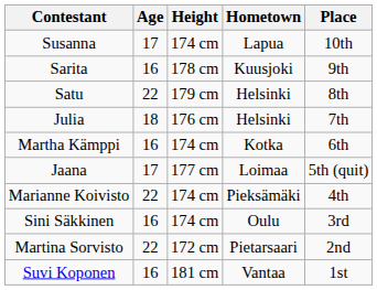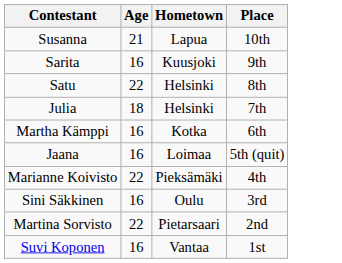 <table class="wikitable" style="text-align:center;">
 <tr>
 <th>Contestant</th>
 <th>Age</th>
-<th>Height</th>
 <th>Hometown</th>
 <th>Place</th>
 </tr>
 <tr>
 <td>Susanna</td>
-<td>17</td>
-<td>174 cm</td>
+<td>21</td>
 <td>Lapua</td>
 <td>10th</td>
 </tr>
 <tr>
 <td>Sarita</td>
 <td>16</td>
-<td>178 cm</td>
 <td>Kuusjoki</td>
 <td>9th</td>
 </tr>
 <tr>
 <td>Satu</td>
 <td>22</td>
-<td>179 cm</td>
 <td>Helsinki</td>
 <td>8th</td>
 </tr>
 <tr>
 <td>Julia</td>
 <td>18</td>
-<td>176 cm</td>
 <td>Helsinki</td>
 <td>7th</td>
 </tr>
 <tr>
 <td>Martha Kämppi</td>
 <td>16</td>
-<td>174 cm</td>
 <td>Kotka</td>
 <td>6th</td>
 </tr>
 <tr>
 <td>Jaana</td>
-<td>17</td>
-<td>177 cm</td>
+<td>16</td>
 <td>Loimaa</td>
 <td>5th (quit)</td>
 </tr>
 <tr>
 <td>Marianne Koivisto</td>
 <td>22</td>
-<td>174 cm</td>
 <td>Pieksämäki</td>
 <td>4th</td>
 </tr>
 <tr>
 <td>Sini Säkkinen</td>
 <td>16</td>
-<td>174 cm</td>
 <td>Oulu</td>
 <td>3rd</td>
 </tr>
 <tr>
 <td>Martina Sorvisto</td>
 <td>22</td>
-<td>172 cm</td>
 <td>Pietarsaari</td>
 <td>2nd</td>
 </tr>
 <tr>
 <td><a href='#'>Suvi Koponen</a></td>
 <td>16</td>
-<td>181 cm</td>
 <td>Vantaa</td>
 <td>1st</td>
 </tr>
 </table>
